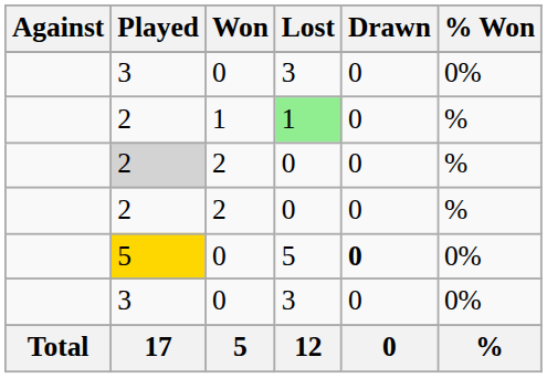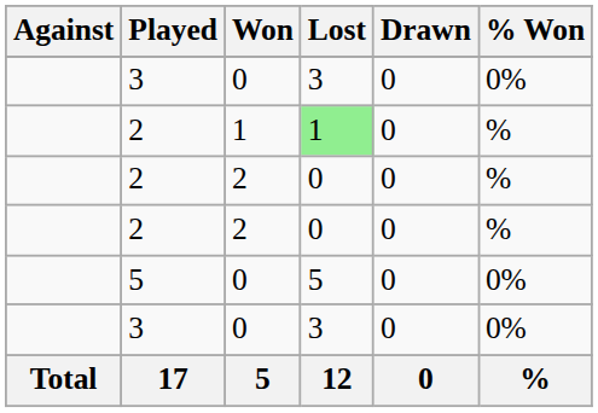 <table class="sortable wikitable" style="font-size: 87%;">
 <tr>
 <th>Against</th>
 <th>Played</th>
 <th>Won</th>
 <th>Lost</th>
 <th>Drawn</th>
 <th>% Won</th>
 </tr>
 <tr bgcolor="#d0ffd0" align="center">
 </tr>
 <tr>
 <td align="left"></td>
 <td>3</td>
 <td>0</td>
 <td>3</td>
 <td>0</td>
 <td>0%</td>
 </tr>
 <tr>
 <td align="left"></td>
 <td>2</td>
 <td>1</td>
 <td style="background: lightgreen;">1</td>
 <td>0</td>
 <td>%</td>
 </tr>
 <tr>
 <td align="left"></td>
-<td style="background: lightgrey;">2</td>
+<td>2</td>
 <td>2</td>
 <td>0</td>
 <td>0</td>
 <td>%</td>
 </tr>
 <tr>
 <td align="left"></td>
 <td>2</td>
 <td>2</td>
 <td>0</td>
 <td>0</td>
 <td>%</td>
 </tr>
 <tr>
 <td align="left"></td>
-<td style="background: gold;">5</td>
+<td>5</td>
 <td>0</td>
 <td>5</td>
-<td><strong>0</strong></td>
+<td>0</td>
 <td>0%</td>
 </tr>
 <tr>
 <td align="left"></td>
 <td>3</td>
 <td>0</td>
 <td>3</td>
 <td>0</td>
 <td>0%</td>
 </tr>
 <tr>
 <th>Total</th>
 <th><strong>17</strong></th>
 <th><strong>5</strong></th>
 <th><strong>12</strong></th>
 <th><strong>0</strong></th>
 <th><strong>%</strong></th>
 </tr>
 </table>
